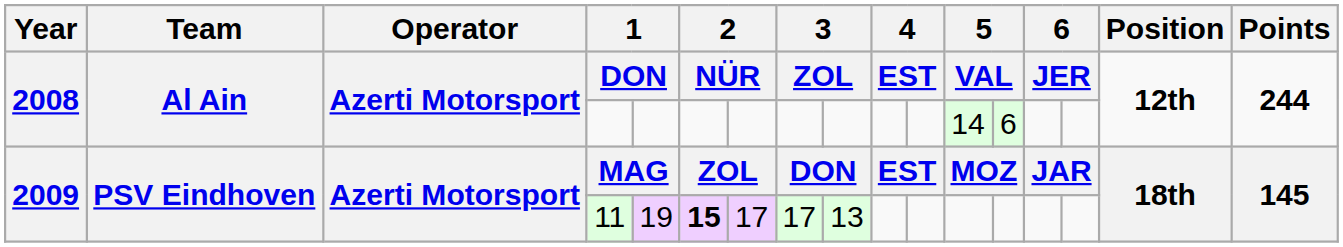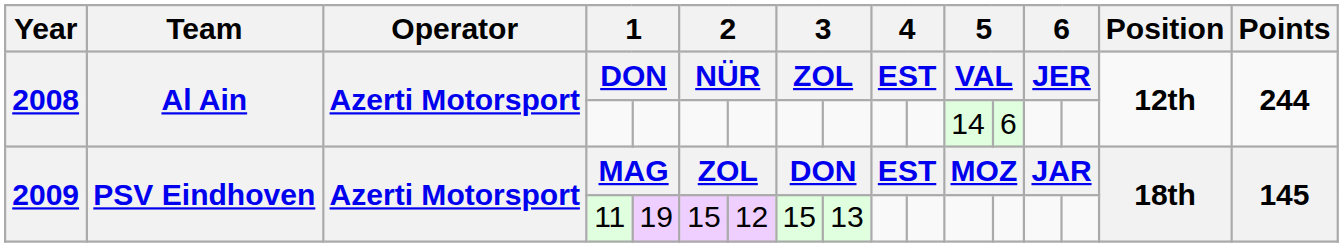 <table class="wikitable" style="text-align:center; font-size:85%">
 <tr>
 <th>Year</th>
 <th>Team</th>
 <th>Operator</th>
 <th colspan=2>1</th>
 <th colspan=2>2</th>
 <th colspan=2>3</th>
 <th colspan=2>4</th>
 <th colspan=2>5</th>
 <th colspan=2>6</th>
 <th>Position</th>
 <th>Points</th>
 </tr>
 <tr>
 <th rowspan=2><a href='#'>2008</a></th>
 <th rowspan=2><a href='#'>Al Ain</a></th>
 <th rowspan=2><a href='#'>Azerti Motorsport</a></th>
 <th colspan=2><a href='#'>DON</a></th>
 <th colspan=2><a href='#'>NÜR</a></th>
 <th colspan=2><a href='#'>ZOL</a></th>
 <th colspan=2><a href='#'>EST</a></th>
 <th colspan=2><a href='#'>VAL</a></th>
 <th colspan=2><a href='#'>JER</a></th>
 <td rowspan=2><strong>12th</strong></td>
 <td rowspan=2><strong>244</strong></td>
 </tr>
 <tr>
 <td></td>
 <td></td>
 <td></td>
 <td></td>
 <td></td>
 <td></td>
 <td></td>
 <td></td>
 <td style="background:#dfffdf;">14</td>
 <td style="background:#dfffdf;">6</td>
 <td></td>
 <td></td>
 </tr>
 <tr>
 <th rowspan=2><a href='#'>2009</a></th>
 <th rowspan=2><a href='#'>PSV Eindhoven</a></th>
 <th rowspan=2><a href='#'>Azerti Motorsport</a></th>
 <th colspan=2><a href='#'>MAG</a></th>
 <th colspan=2><a href='#'>ZOL</a></th>
 <th colspan=2><a href='#'>DON</a></th>
 <th colspan=2><a href='#'>EST</a></th>
 <th colspan=2><a href='#'>MOZ</a></th>
 <th colspan=2><a href='#'>JAR</a></th>
 <th rowspan=2>18th</th>
 <th rowspan=2>145</th>
 </tr>
 <tr>
 <td style="background:#dfffdf;">11</td>
 <td style="background:#efcfff;">19</td>
-<td style="background:#efcfff;"><strong>15</strong></td>
-<td style="background:#efcfff;">17</td>
-<td style="background:#dfffdf;">17</td>
+<td style="background:#efcfff;">15</td>
+<td style="background:#efcfff;">12</td>
+<td style="background:#dfffdf;">15</td>
 <td style="background:#dfffdf;">13</td>
 <td></td>
 <td></td>
 <td></td>
 <td></td>
 <td></td>
 <td></td>
 </tr>
 </table>
